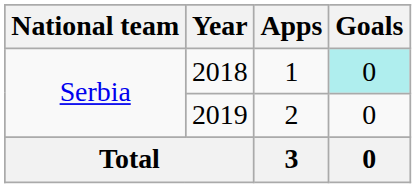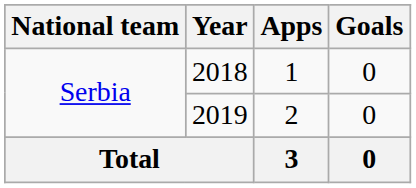 <table class="wikitable" style="text-align:center">
 <tr>
 <th>National team</th>
 <th>Year</th>
 <th>Apps</th>
 <th>Goals</th>
 </tr>
 <tr>
 <td rowspan="2"><a href='#'>Serbia</a></td>
 <td>2018</td>
 <td>1</td>
-<td style="background: paleturquoise;">0</td>
+<td>0</td>
 </tr>
 <tr>
 <td>2019</td>
 <td>2</td>
 <td>0</td>
 </tr>
 <tr>
 <th colspan="2">Total</th>
 <th>3</th>
 <th>0</th>
 </tr>
 </table>
